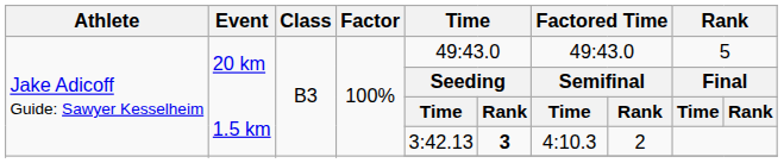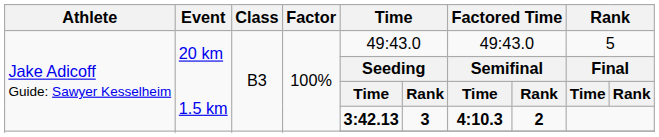 <table class=wikitable style=font-size:90%;text-align:center>
 <tr>
 <th>Athlete</th>
 <th>Event</th>
 <th>Class</th>
 <th>Factor</th>
 <th colspan=2>Time</th>
 <th colspan=2>Factored Time</th>
 <th colspan=2>Rank</th>
 </tr>
 <tr>
 <td rowspan=5 align=left><a href='#'>Jake Adicoff</a><br><small>Guide: <a href='#'>Sawyer Kesselheim</a></small></td>
 <td align=left rowspan=5><a href='#'>20 km</a><br><br><br> <a href='#'>1.5 km</a></td>
 <td align=centre rowspan=5>B3</td>
 <td align=centre rowspan=5>100%</td>
 <td colspan=2>49:43.0</td>
 <td colspan=2>49:43.0</td>
 <td colspan=2>5</td>
 </tr>
 <tr>
 <th colspan=2>Seeding</th>
 <th colspan=2>Semifinal</th>
 <th colspan=2>Final</th>
 </tr>
 <tr style=font-size:95%>
 <th>Time</th>
 <th>Rank</th>
 <th>Time</th>
 <th>Rank</th>
 <th>Time</th>
 <th>Rank</th>
 </tr>
 <tr>
-<td>3:42.13</td>
+<td><strong>3:42.13</strong></td>
 <td><strong>3</strong></td>
-<td>4:10.3</td>
-<td>2</td>
+<td><strong>4:10.3</strong></td>
+<td><strong>2</strong></td>
 <td colspan=2></td>
 </tr>
 <tr>
 </tr>
 </table>
